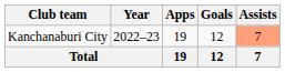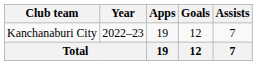 <table class=wikitable style="text-align: center;">
 <tr>
 <th>Club team</th>
 <th>Year</th>
 <th>Apps</th>
 <th>Goals</th>
 <th>Assists</th>
 </tr>
 <tr>
 <td rowspan=1>Kanchanaburi City</td>
 <td>2022–23</td>
 <td>19</td>
 <td>12</td>
-<td style="background: lightsalmon;">7</td>
+<td>7</td>
 </tr>
 <tr>
 <th colspan=2>Total</th>
 <th>19</th>
 <th>12</th>
 <th>7</th>
 </tr>
 </table>
